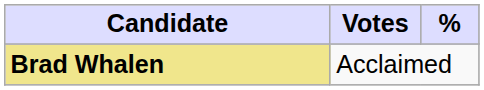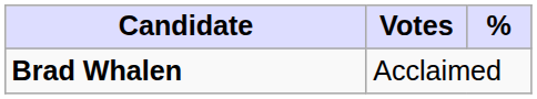 <table class="wikitable">
 <tr>
 <th style="background:#ddf; width:200px;">Candidate</th>
 <th style="background:#ddf; width:50px;">Votes</th>
 <th style="background:#ddf; width:30px;">%</th>
 </tr>
 <tr>
-<td style="background: khaki;"><strong>Brad Whalen</strong></td>
+<td><strong>Brad Whalen</strong></td>
 <td colspan="2">Acclaimed</td>
 </tr>
 </table>
